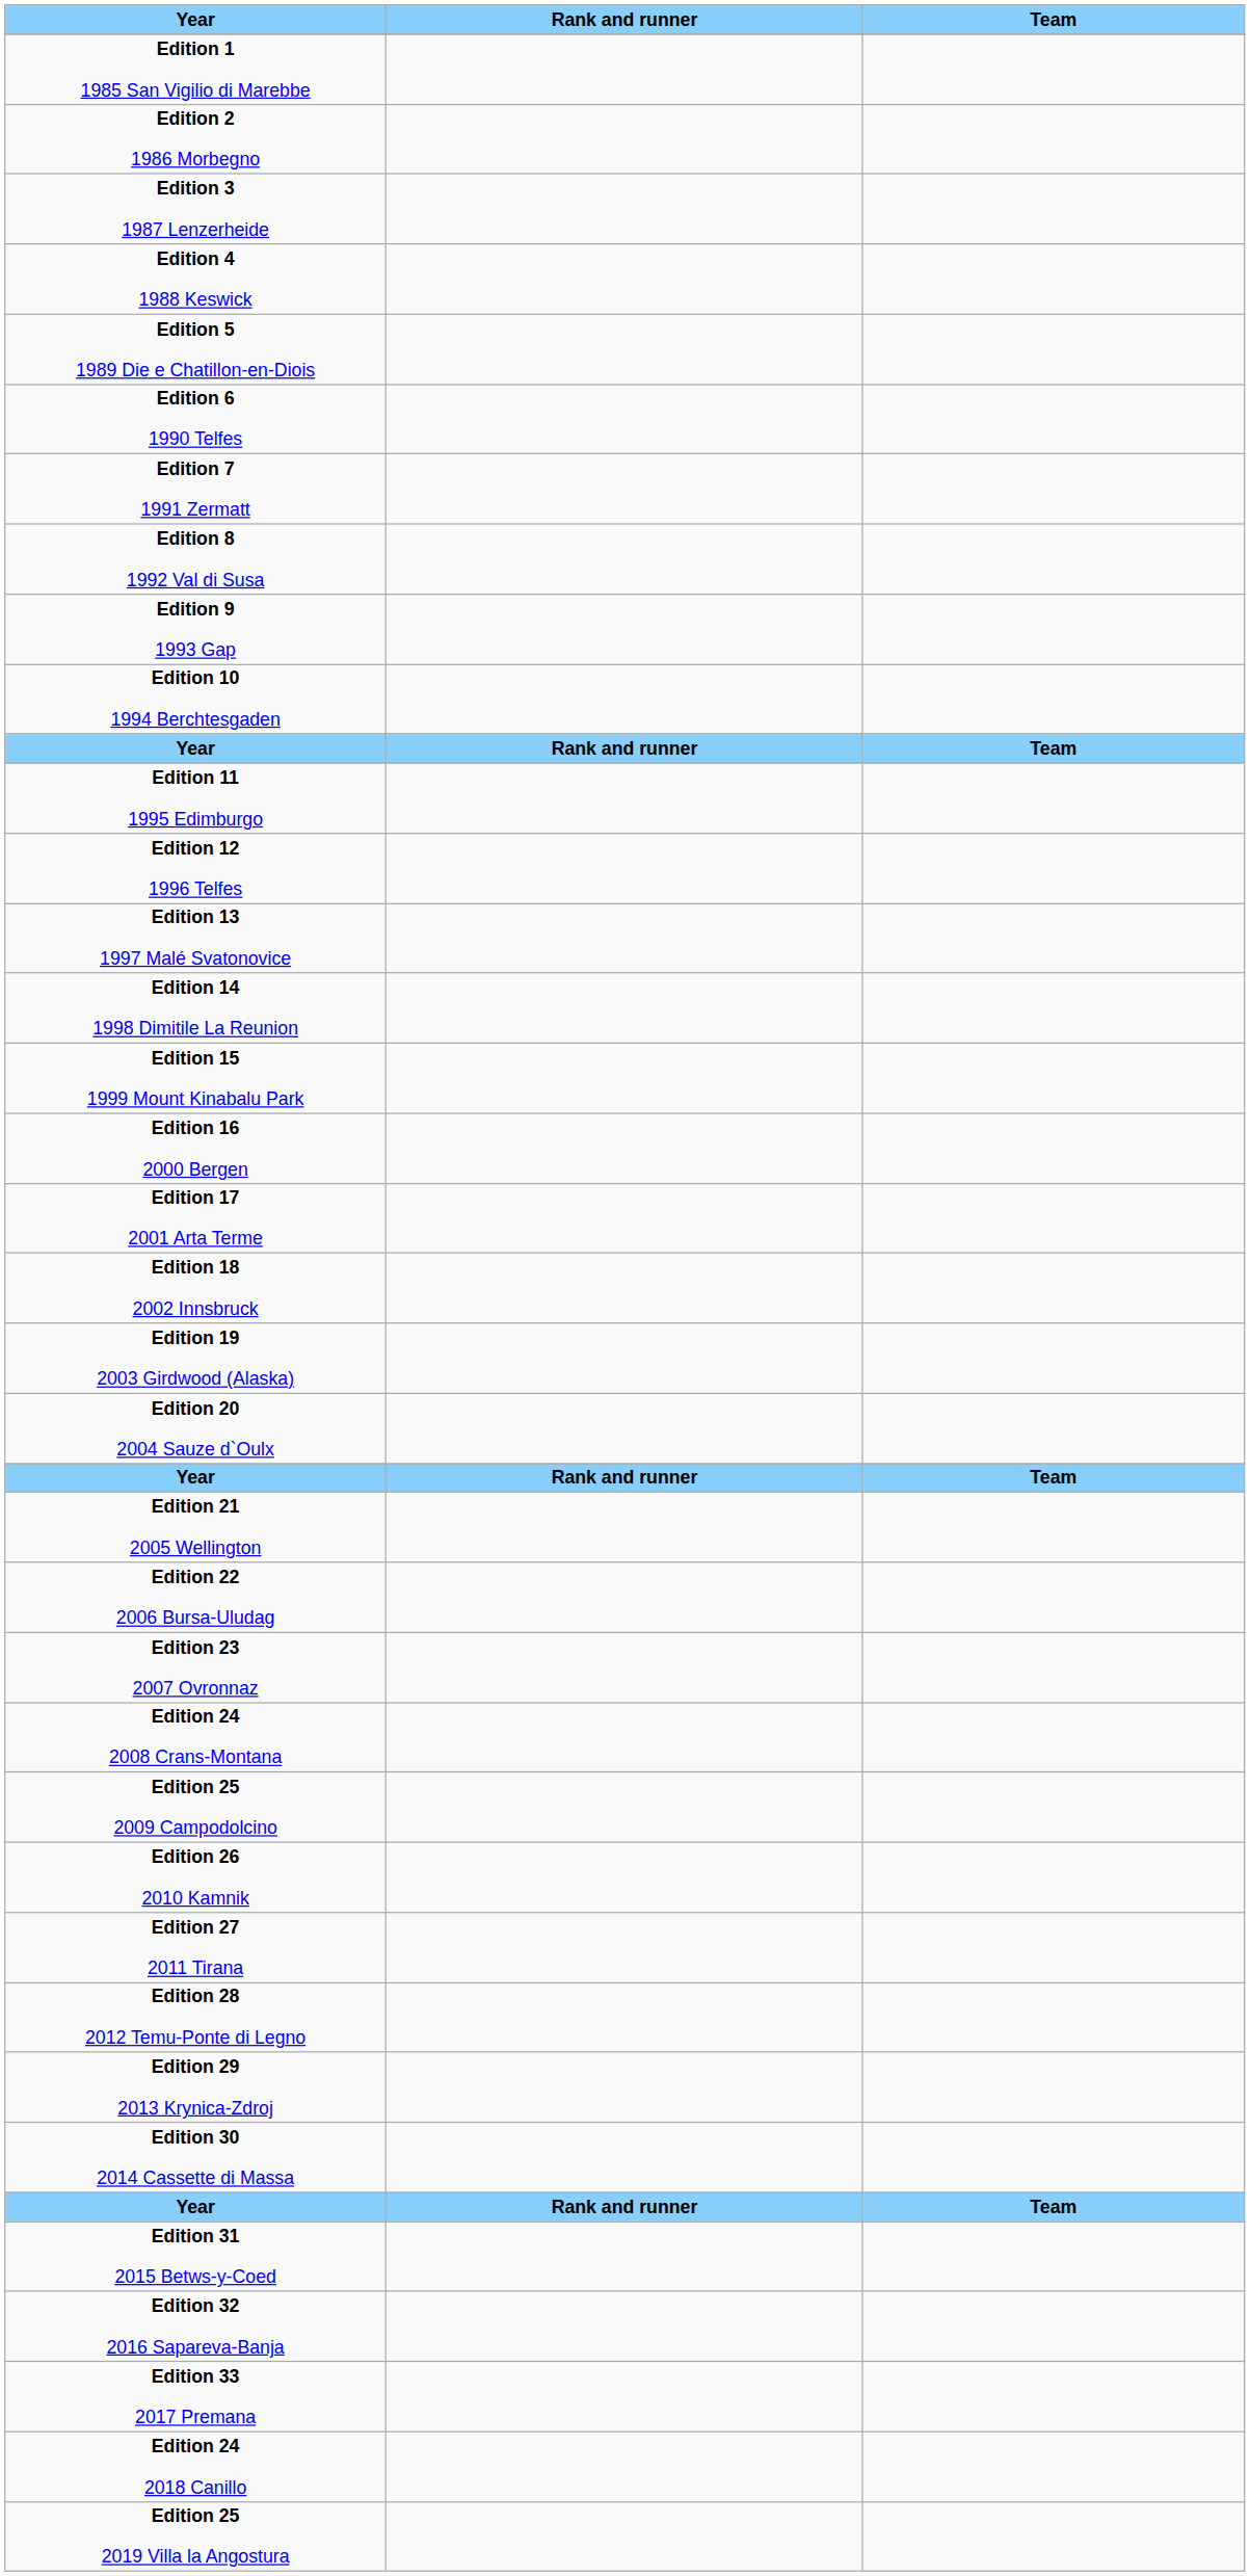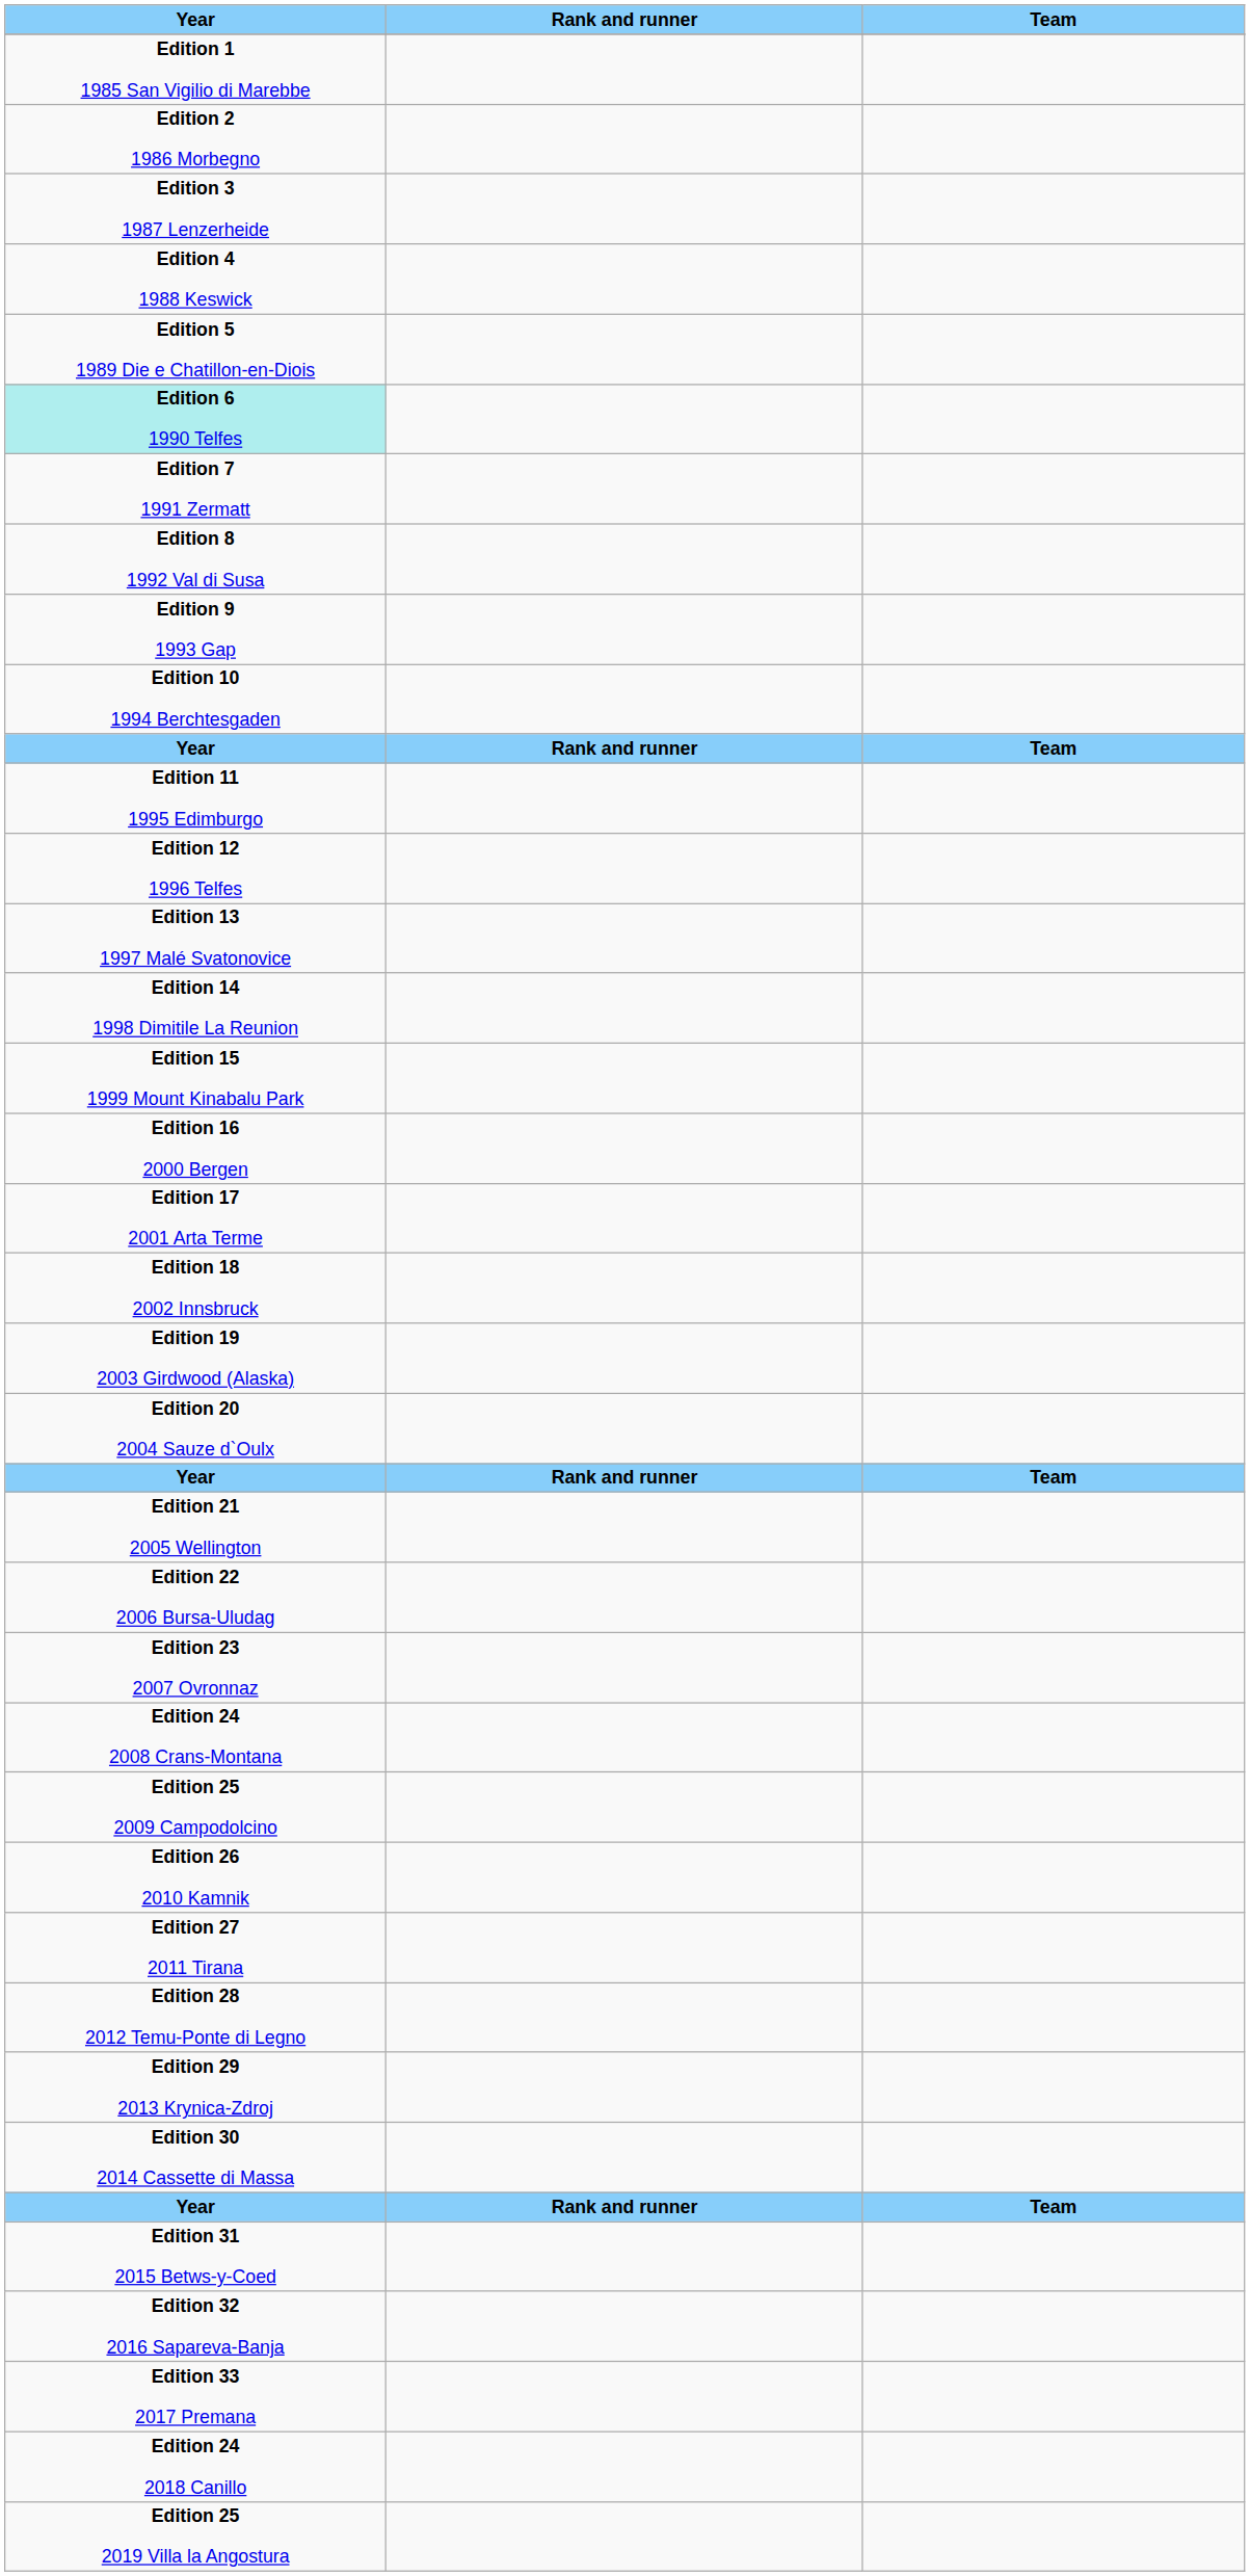 <table class="wikitable" style="font-size:90%;text-align:center;">
 <tr bgcolor=lightskyblue>
 <td width=20%><strong>Year</strong></td>
 <td width=25%><strong>Rank and runner</strong></td>
 <td width=20%><strong>Team</strong></td>
 </tr>
 <tr>
 </tr>
 <tr>
 <td><strong>Edition 1</strong> <br>  <br> <a href='#'>1985 San Vigilio di Marebbe</a></td>
 <td><br></td>
 <td><br></td>
 </tr>
 <tr>
 <td><strong>Edition 2</strong> <br>  <br> <a href='#'>1986 Morbegno</a></td>
 <td><br></td>
 <td><br></td>
 </tr>
 <tr>
 <td><strong>Edition 3</strong> <br>  <br> <a href='#'>1987 Lenzerheide</a></td>
 <td><br></td>
 <td><br></td>
 </tr>
 <tr>
 <td><strong>Edition 4</strong> <br>  <br> <a href='#'>1988 Keswick</a></td>
 <td><br></td>
 <td><br></td>
 </tr>
 <tr>
 <td><strong>Edition 5</strong> <br>  <br> <a href='#'>1989 Die e Chatillon-en-Diois</a></td>
 <td><br></td>
 <td><br></td>
 </tr>
 <tr>
-<td><strong>Edition 6</strong> <br>  <br> <a href='#'>1990 Telfes</a></td>
+<td style="background: paleturquoise;"><strong>Edition 6</strong> <br>  <br> <a href='#'>1990 Telfes</a></td>
 <td><br></td>
 <td><br></td>
 </tr>
 <tr>
 <td><strong>Edition 7</strong> <br>  <br> <a href='#'>1991 Zermatt</a></td>
 <td><br></td>
 <td><br></td>
 </tr>
 <tr>
 <td><strong>Edition 8</strong> <br>  <br> <a href='#'>1992 Val di Susa</a></td>
 <td><br></td>
 <td><br></td>
 </tr>
 <tr>
 <td><strong>Edition 9</strong> <br>  <br> <a href='#'>1993 Gap</a></td>
 <td><br></td>
 <td><br></td>
 </tr>
 <tr>
 <td><strong>Edition 10</strong> <br>  <br> <a href='#'>1994 Berchtesgaden</a></td>
 <td><br></td>
 <td><br></td>
 </tr>
 <tr bgcolor=lightskyblue>
 <td width=20%><strong>Year</strong></td>
 <td width=25%><strong>Rank and runner</strong></td>
 <td width=20%><strong>Team</strong></td>
 </tr>
 <tr>
 <td><strong>Edition 11</strong> <br>  <br> <a href='#'>1995 Edimburgo</a></td>
 <td><br></td>
 <td><br></td>
 </tr>
 <tr>
 <td><strong>Edition 12</strong> <br>  <br> <a href='#'>1996 Telfes</a></td>
 <td><br></td>
 <td><br></td>
 </tr>
 <tr>
 <td><strong>Edition 13</strong> <br>  <br> <a href='#'>1997 Malé Svatonovice</a></td>
 <td><br></td>
 <td><br></td>
 </tr>
 <tr>
 <td><strong>Edition 14</strong> <br>  <br> <a href='#'>1998 Dimitile La Reunion</a></td>
 <td><br></td>
 <td><br></td>
 </tr>
 <tr>
 <td><strong>Edition 15</strong> <br>  <br> <a href='#'>1999 Mount Kinabalu Park</a></td>
 <td><br></td>
 <td><br></td>
 </tr>
 <tr>
 <td><strong>Edition 16</strong> <br>  <br> <a href='#'>2000 Bergen</a></td>
 <td><br></td>
 <td><br></td>
 </tr>
 <tr>
 <td><strong>Edition 17</strong> <br>  <br> <a href='#'>2001 Arta Terme</a></td>
 <td><br></td>
 <td><br></td>
 </tr>
 <tr>
 <td><strong>Edition 18</strong> <br>  <br> <a href='#'>2002 Innsbruck</a></td>
 <td><br></td>
 <td><br></td>
 </tr>
 <tr>
 <td><strong>Edition 19</strong> <br>  <br> <a href='#'>2003 Girdwood (Alaska)</a></td>
 <td><br></td>
 <td><br></td>
 </tr>
 <tr>
 <td><strong>Edition 20</strong> <br>  <br> <a href='#'>2004 Sauze d`Oulx</a></td>
 <td><br></td>
 <td><br></td>
 </tr>
 <tr bgcolor=lightskyblue>
 <td width=20%><strong>Year</strong></td>
 <td width=25%><strong>Rank and runner</strong></td>
 <td width=20%><strong>Team</strong></td>
 </tr>
 <tr>
 <td><strong>Edition 21</strong> <br>  <br> <a href='#'>2005 Wellington</a></td>
 <td><br></td>
 <td><br></td>
 </tr>
 <tr>
 <td><strong>Edition 22</strong> <br>  <br> <a href='#'>2006 Bursa-Uludag</a></td>
 <td><br></td>
 <td><br></td>
 </tr>
 <tr>
 <td><strong>Edition 23</strong> <br>  <br> <a href='#'>2007 Ovronnaz</a></td>
 <td><br></td>
 <td><br></td>
 </tr>
 <tr>
 <td><strong>Edition 24</strong> <br>  <br> <a href='#'>2008 Crans-Montana</a></td>
 <td><br></td>
 <td><br></td>
 </tr>
 <tr>
 <td><strong>Edition 25</strong> <br>  <br> <a href='#'>2009 Campodolcino</a></td>
 <td><br></td>
 <td><br></td>
 </tr>
 <tr>
 <td><strong>Edition 26</strong> <br>  <br> <a href='#'>2010 Kamnik</a></td>
 <td><br></td>
 <td><br></td>
 </tr>
 <tr>
 <td><strong>Edition 27</strong> <br>  <br> <a href='#'>2011 Tirana</a></td>
 <td><br></td>
 <td><br></td>
 </tr>
 <tr>
 <td><strong>Edition 28</strong> <br>  <br> <a href='#'>2012 Temu-Ponte di Legno</a></td>
 <td><br></td>
 <td><br></td>
 </tr>
 <tr>
 <td><strong>Edition 29</strong> <br>  <br> <a href='#'>2013 Krynica-Zdroj</a></td>
 <td><br></td>
 <td><br></td>
 </tr>
 <tr>
 <td><strong>Edition 30</strong> <br>  <br> <a href='#'>2014 Cassette di Massa</a></td>
 <td><br></td>
 <td><br></td>
 </tr>
 <tr bgcolor=lightskyblue>
 <td width=20%><strong>Year</strong></td>
 <td width=25%><strong>Rank and runner</strong></td>
 <td width=20%><strong>Team</strong></td>
 </tr>
 <tr>
 <td><strong>Edition 31</strong> <br>  <br> <a href='#'>2015 Betws-y-Coed</a></td>
 <td><br></td>
 <td><br></td>
 </tr>
 <tr>
 <td><strong>Edition 32</strong> <br>  <br> <a href='#'>2016 Sapareva-Banja</a></td>
 <td><br></td>
 <td><br></td>
 </tr>
 <tr>
 <td><strong>Edition 33</strong> <br>  <br> <a href='#'>2017 Premana</a></td>
 <td><br></td>
 <td><br></td>
 </tr>
 <tr>
 <td><strong>Edition 24</strong> <br>  <br> <a href='#'>2018 Canillo</a></td>
 <td><br></td>
 <td><br></td>
 </tr>
 <tr>
 <td><strong>Edition 25</strong> <br>  <br> <a href='#'>2019 Villa la Angostura</a></td>
 <td><br></td>
 <td><br></td>
 </tr>
 </table>
